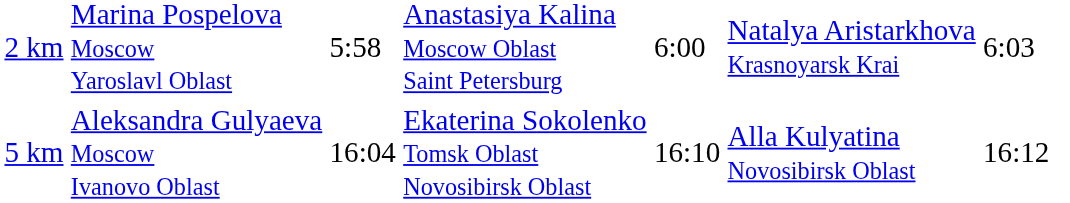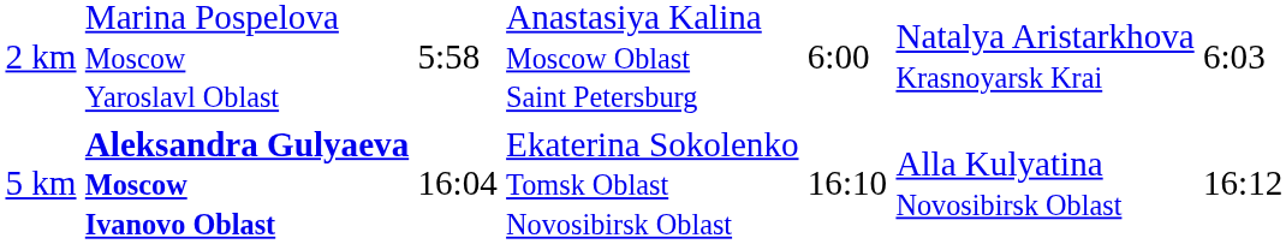 <table>
 <tr>
 <td><a href='#'>2 km</a></td>
 <td><a href='#'>Marina Pospelova</a> <br> <small><a href='#'>Moscow</a></small> <br> <small><a href='#'>Yaroslavl Oblast</a></small></td>
 <td>5:58</td>
 <td><a href='#'>Anastasiya Kalina</a> <br> <small><a href='#'>Moscow Oblast</a></small> <br> <small><a href='#'>Saint Petersburg</a></small></td>
 <td>6:00</td>
 <td><a href='#'>Natalya Aristarkhova</a> <br> <small><a href='#'>Krasnoyarsk Krai</a></small></td>
 <td>6:03</td>
 </tr>
 <tr>
 <td><a href='#'>5 km</a></td>
-<td><a href='#'>Aleksandra Gulyaeva</a> <br> <small><a href='#'>Moscow</a></small> <br> <small><a href='#'>Ivanovo Oblast</a></small></td>
+<td><strong><a href='#'>Aleksandra Gulyaeva</a> <br> <small><a href='#'>Moscow</a></small> <br> <small><a href='#'>Ivanovo Oblast</a></small></strong></td>
 <td>16:04</td>
 <td><a href='#'>Ekaterina Sokolenko</a> <br> <small><a href='#'>Tomsk Oblast</a></small> <br> <small><a href='#'>Novosibirsk Oblast</a></small></td>
 <td>16:10</td>
 <td><a href='#'>Alla Kulyatina</a> <br> <small><a href='#'>Novosibirsk Oblast</a></small></td>
 <td>16:12</td>
 </tr>
 </table>
